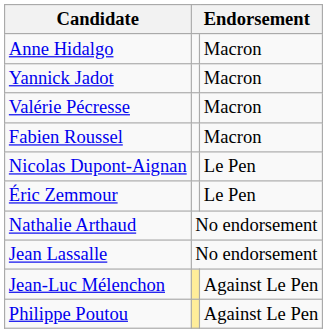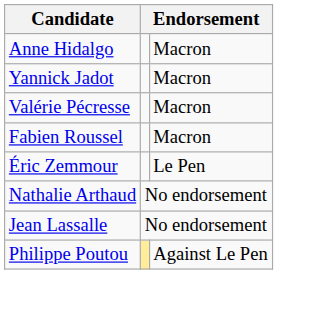 <table class="wikitable">
 <tr>
 <th>Candidate</th>
 <th colspan="2">Endorsement</th>
 </tr>
 <tr>
 <td><a href='#'>Anne Hidalgo</a></td>
 <td style="background-color: "></td>
 <td>Macron</td>
 </tr>
 <tr>
 <td><a href='#'>Yannick Jadot</a></td>
 <td style="background-color: "></td>
 <td>Macron</td>
 </tr>
 <tr>
 <td><a href='#'>Valérie Pécresse</a></td>
 <td style="background-color: "></td>
 <td>Macron</td>
 </tr>
 <tr>
 <td><a href='#'>Fabien Roussel</a></td>
 <td style="background-color: "></td>
 <td>Macron</td>
 </tr>
 <tr>
-<td><a href='#'>Nicolas Dupont-Aignan</a></td>
-<td style="background-color: "></td>
-<td>Le Pen</td>
-</tr>
-<tr>
 <td><a href='#'>Éric Zemmour</a></td>
 <td style="background-color: "></td>
 <td>Le Pen</td>
 </tr>
 <tr>
 <td><a href='#'>Nathalie Arthaud</a></td>
 <td colspan="2">No endorsement</td>
 </tr>
 <tr>
 <td><a href='#'>Jean Lassalle</a></td>
 <td colspan="2">No endorsement</td>
 </tr>
 <tr>
-<td><a href='#'>Jean-Luc Mélenchon</a></td>
-<td style="background-color: #FFED99;"></td>
-<td>Against Le Pen</td>
-</tr>
-<tr>
 <td><a href='#'>Philippe Poutou</a></td>
 <td style="background-color: #FFED99;"></td>
 <td>Against Le Pen</td>
 </tr>
 </table>
